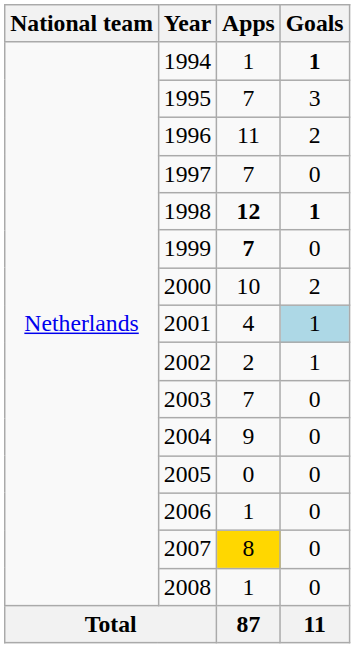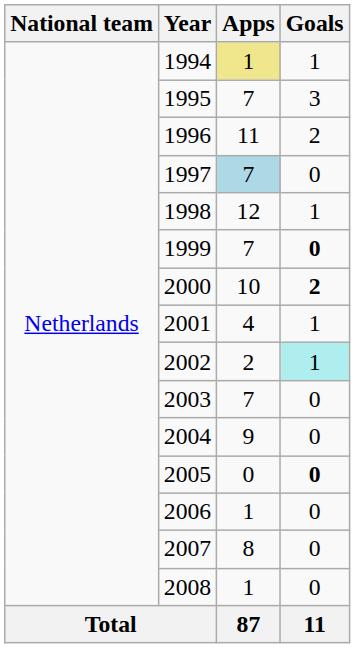 <table class="wikitable" style="text-align:center">
 <tr>
 <th>National team</th>
 <th>Year</th>
 <th>Apps</th>
 <th>Goals</th>
 </tr>
 <tr>
 <td rowspan="15"><a href='#'>Netherlands</a></td>
 <td>1994</td>
+<td style="background: khaki;">1</td>
 <td>1</td>
-<td><strong>1</strong></td>
 </tr>
 <tr>
 <td>1995</td>
 <td>7</td>
 <td>3</td>
 </tr>
 <tr>
 <td>1996</td>
 <td>11</td>
 <td>2</td>
 </tr>
 <tr>
 <td>1997</td>
-<td>7</td>
+<td style="background: lightblue;">7</td>
 <td>0</td>
 </tr>
 <tr>
 <td>1998</td>
-<td><strong>12</strong></td>
-<td><strong>1</strong></td>
+<td>12</td>
+<td>1</td>
 </tr>
 <tr>
 <td>1999</td>
-<td><strong>7</strong></td>
-<td>0</td>
+<td>7</td>
+<td><strong>0</strong></td>
 </tr>
 <tr>
 <td>2000</td>
 <td>10</td>
-<td>2</td>
+<td><strong>2</strong></td>
 </tr>
 <tr>
 <td>2001</td>
 <td>4</td>
-<td style="background: lightblue;">1</td>
+<td>1</td>
 </tr>
 <tr>
 <td>2002</td>
 <td>2</td>
-<td>1</td>
+<td style="background: paleturquoise;">1</td>
 </tr>
 <tr>
 <td>2003</td>
 <td>7</td>
 <td>0</td>
 </tr>
 <tr>
 <td>2004</td>
 <td>9</td>
 <td>0</td>
 </tr>
 <tr>
 <td>2005</td>
 <td>0</td>
-<td>0</td>
+<td><strong>0</strong></td>
 </tr>
 <tr>
 <td>2006</td>
 <td>1</td>
 <td>0</td>
 </tr>
 <tr>
 <td>2007</td>
-<td style="background: gold;">8</td>
+<td>8</td>
 <td>0</td>
 </tr>
 <tr>
 <td>2008</td>
 <td>1</td>
 <td>0</td>
 </tr>
 <tr>
 <th colspan="2">Total</th>
 <th>87</th>
 <th>11</th>
 </tr>
 </table>
